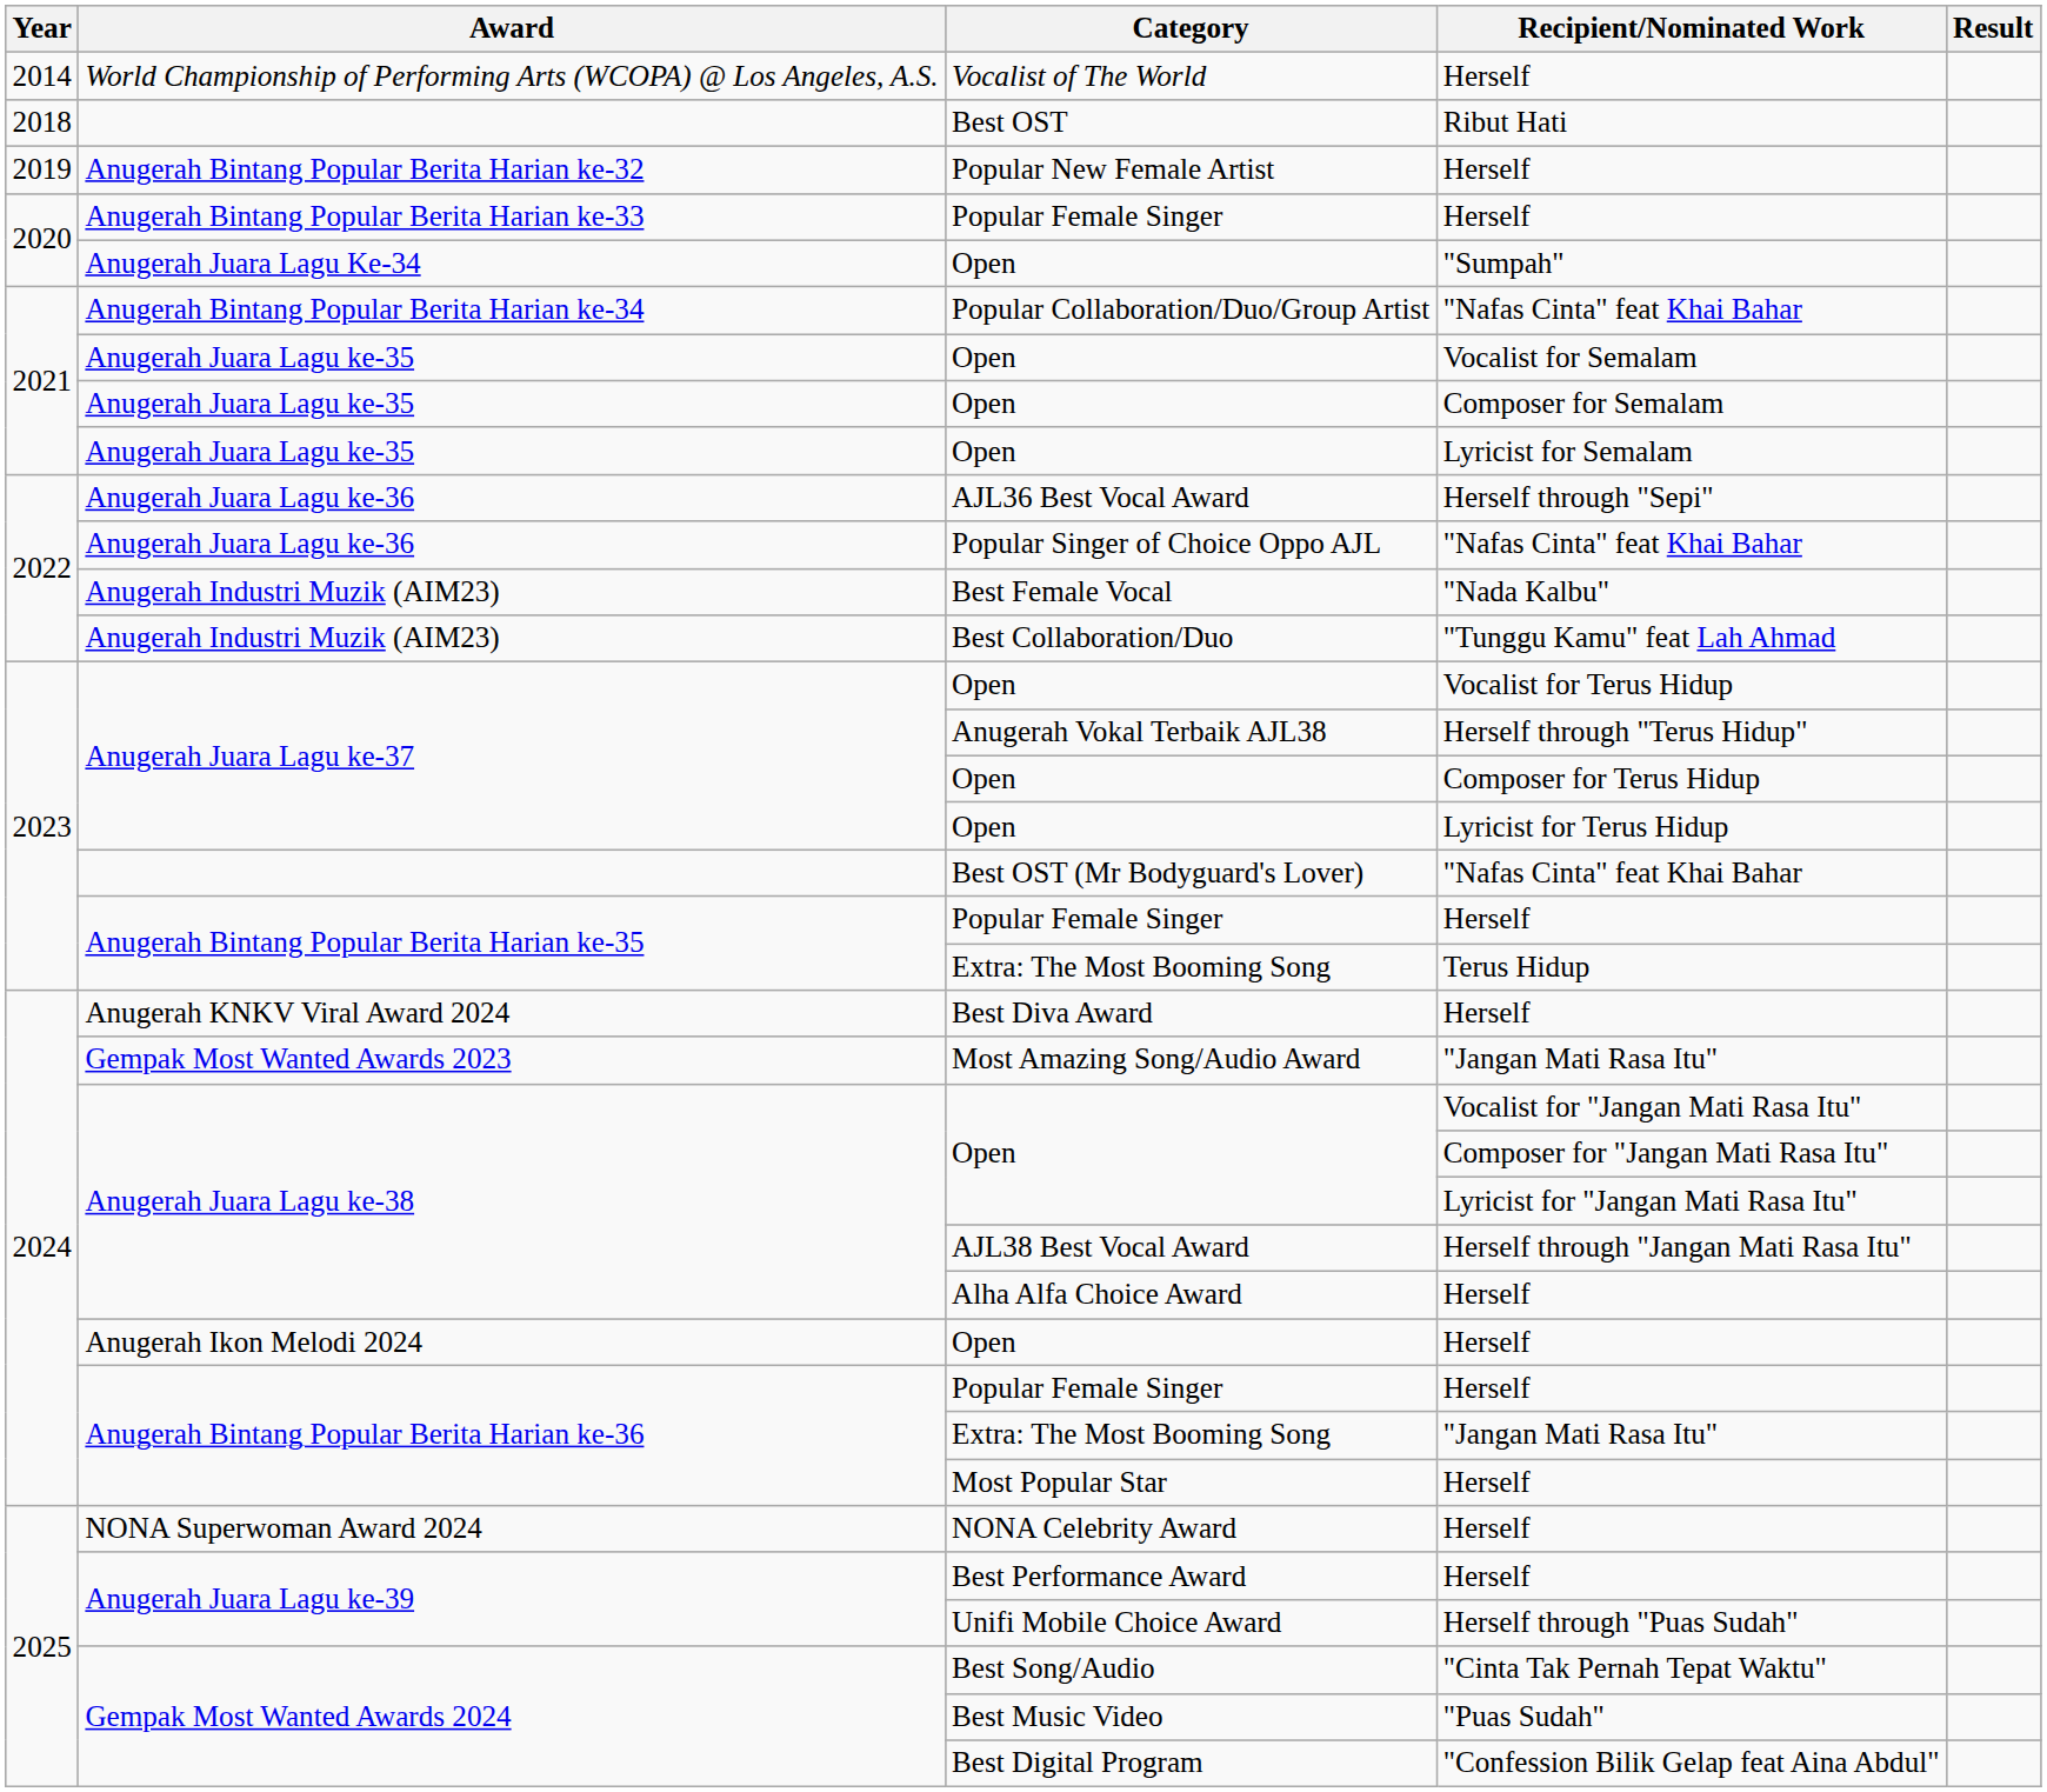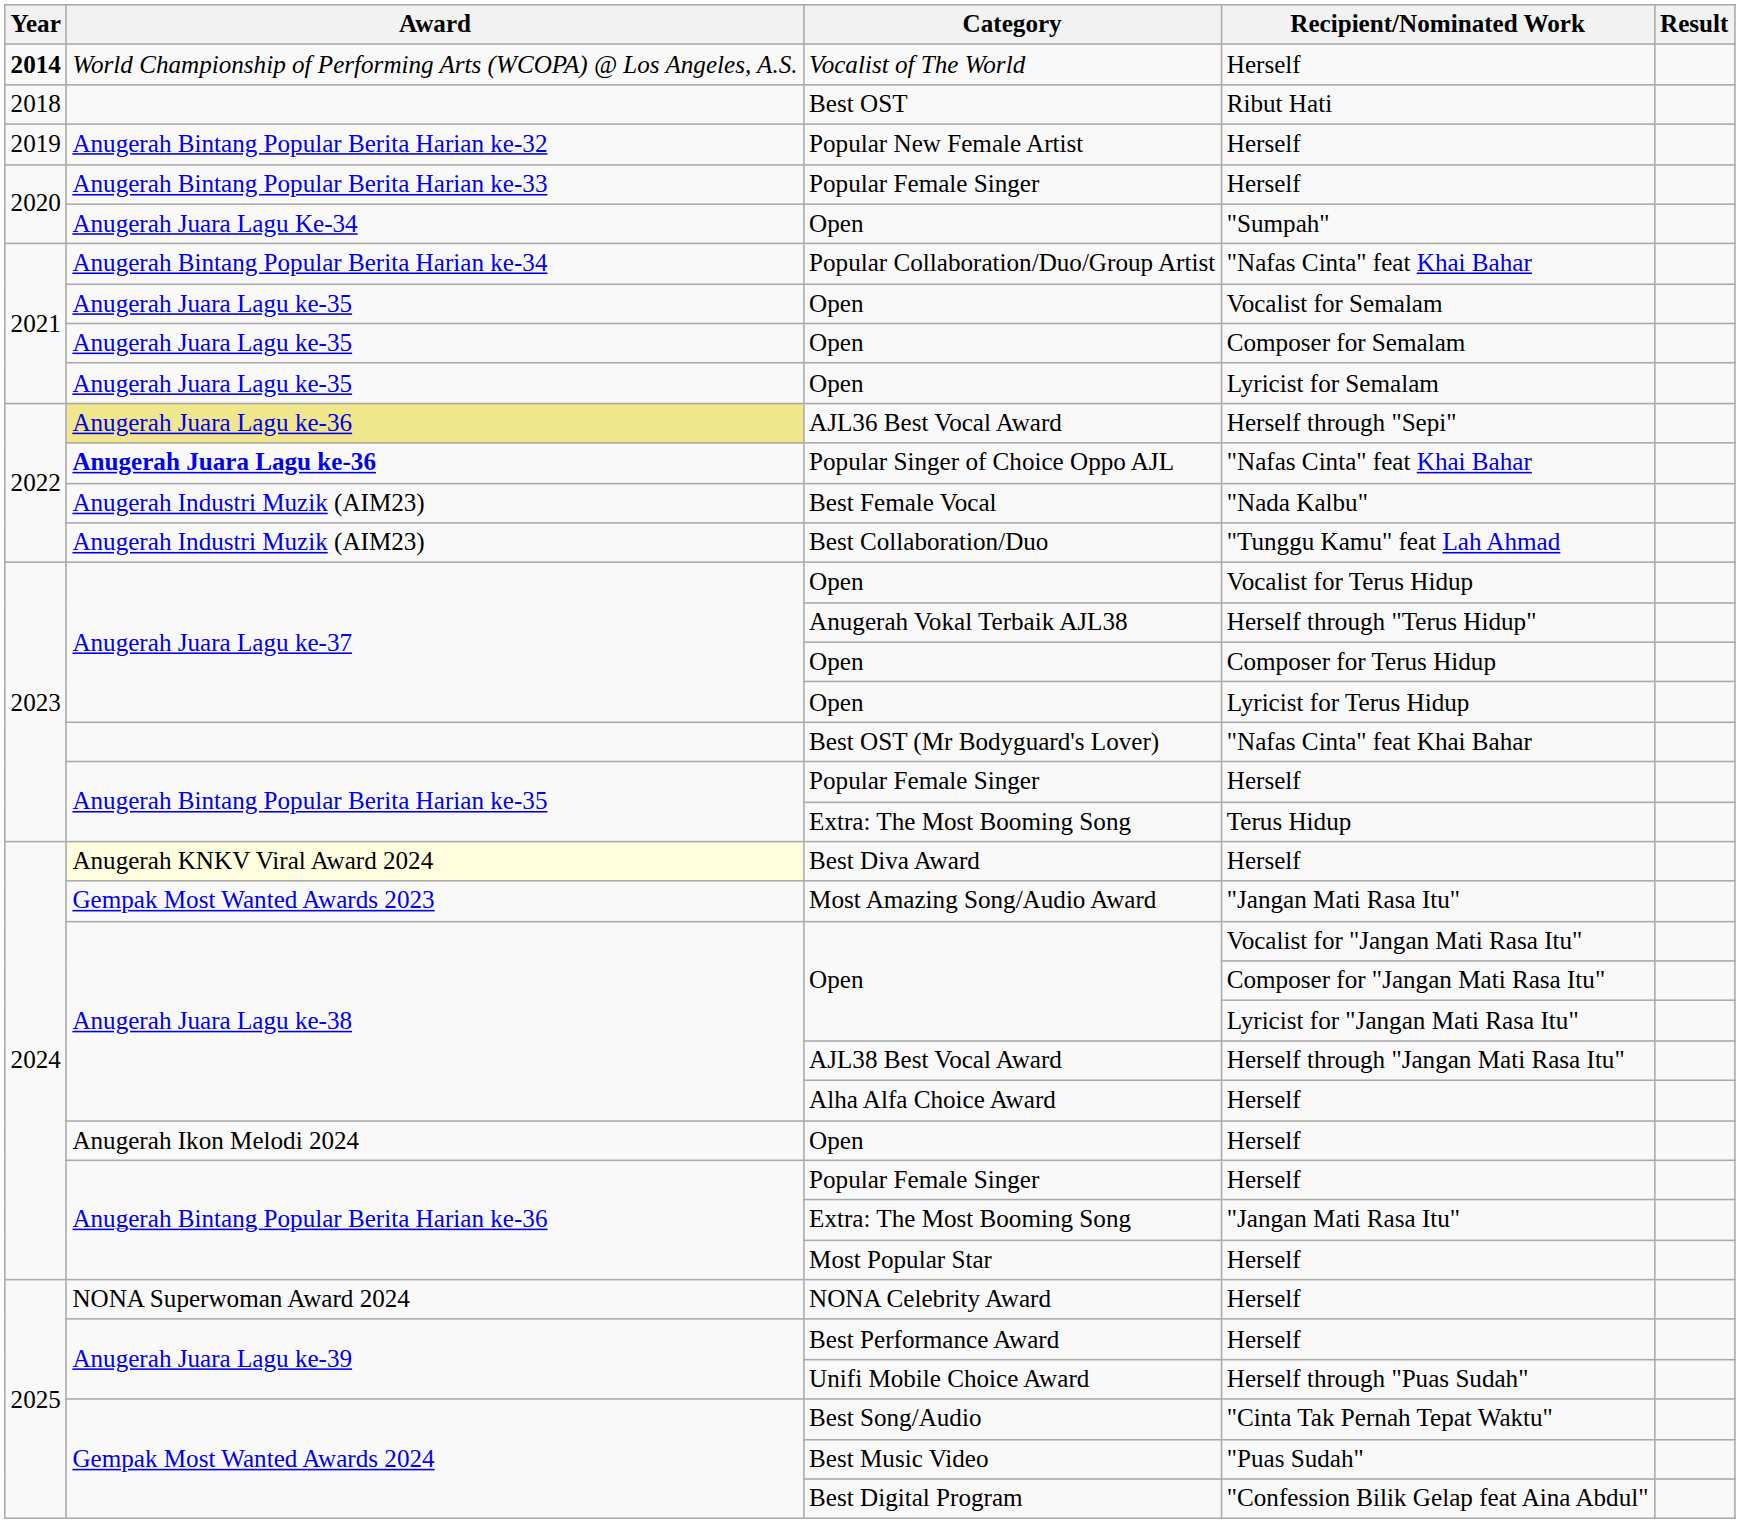 <table class="wikitable">
 <tr>
 <th>Year</th>
 <th>Award</th>
 <th>Category</th>
 <th>Recipient/Nominated Work</th>
 <th>Result</th>
 </tr>
 <tr>
-<td rowspan="1">2014</td>
+<td rowspan="1"><strong>2014</strong></td>
 <td><em>World Championship of Performing Arts (WCOPA) @ Los Angeles, A.S.</em></td>
 <td><em>Vocalist of The World</em></td>
 <td>Herself</td>
 <td></td>
 </tr>
 <tr>
 <td>2018</td>
 <td></td>
 <td>Best OST</td>
 <td>Ribut Hati</td>
 <td></td>
 </tr>
 <tr>
 <td>2019</td>
 <td><a href='#'>Anugerah Bintang Popular Berita Harian ke-32</a></td>
 <td>Popular New Female Artist</td>
 <td>Herself</td>
 <td></td>
 </tr>
 <tr>
 <td rowspan="2">2020</td>
 <td><a href='#'>Anugerah Bintang Popular Berita Harian ke-33</a></td>
 <td>Popular Female Singer</td>
 <td>Herself</td>
 <td></td>
 </tr>
 <tr>
 <td><a href='#'>Anugerah Juara Lagu Ke-34</a></td>
 <td rowspan="1">Open</td>
 <td>"Sumpah"</td>
 <td></td>
 </tr>
 <tr>
 <td rowspan="4">2021</td>
 <td><a href='#'>Anugerah Bintang Popular Berita Harian ke-34</a></td>
 <td>Popular Collaboration/Duo/Group Artist</td>
 <td>"Nafas Cinta" feat <a href='#'>Khai Bahar</a></td>
 <td></td>
 </tr>
 <tr>
 <td><a href='#'>Anugerah Juara Lagu ke-35</a></td>
 <td rowspan="1">Open</td>
 <td>Vocalist for Semalam</td>
 <td></td>
 </tr>
 <tr>
 <td><a href='#'>Anugerah Juara Lagu ke-35</a></td>
 <td>Open</td>
 <td>Composer for Semalam</td>
 <td></td>
 </tr>
 <tr>
 <td><a href='#'>Anugerah Juara Lagu ke-35</a></td>
 <td>Open</td>
 <td>Lyricist for Semalam</td>
 <td></td>
 </tr>
 <tr>
 <td rowspan="4">2022</td>
-<td><a href='#'>Anugerah Juara Lagu ke-36</a></td>
+<td style="background: khaki;"><a href='#'>Anugerah Juara Lagu ke-36</a></td>
 <td>AJL36 Best Vocal Award</td>
 <td>Herself through "Sepi"</td>
 <td></td>
 </tr>
 <tr>
-<td><a href='#'>Anugerah Juara Lagu ke-36</a></td>
+<td><strong><a href='#'>Anugerah Juara Lagu ke-36</a></strong></td>
 <td>Popular Singer of Choice Oppo AJL</td>
 <td>"Nafas Cinta" feat <a href='#'>Khai Bahar</a></td>
 <td></td>
 </tr>
 <tr>
 <td><a href='#'>Anugerah Industri Muzik</a> (AIM23)</td>
 <td>Best Female Vocal</td>
 <td>"Nada Kalbu"</td>
 <td></td>
 </tr>
 <tr>
 <td><a href='#'>Anugerah Industri Muzik</a> (AIM23)</td>
 <td>Best Collaboration/Duo</td>
 <td>"Tunggu Kamu" feat <a href='#'>Lah Ahmad</a></td>
 <td></td>
 </tr>
 <tr>
 <td rowspan="7">2023</td>
 <td rowspan="4"><a href='#'>Anugerah Juara Lagu ke-37</a></td>
 <td>Open</td>
 <td>Vocalist for Terus Hidup</td>
 <td></td>
 </tr>
 <tr>
 <td>Anugerah Vokal Terbaik AJL38</td>
 <td>Herself through "Terus Hidup"</td>
 <td></td>
 </tr>
 <tr>
 <td>Open</td>
 <td>Composer for Terus Hidup</td>
 <td></td>
 </tr>
 <tr>
 <td>Open</td>
 <td>Lyricist for Terus Hidup</td>
 <td></td>
 </tr>
 <tr>
 <td></td>
 <td>Best OST (Mr Bodyguard's Lover)</td>
 <td>"Nafas Cinta" feat Khai Bahar</td>
 <td></td>
 </tr>
 <tr>
 <td rowspan="2"><a href='#'>Anugerah Bintang Popular Berita Harian ke-35</a></td>
 <td>Popular Female Singer</td>
 <td>Herself</td>
 <td></td>
 </tr>
 <tr>
 <td>Extra: The Most Booming Song</td>
 <td>Terus Hidup</td>
 <td></td>
 </tr>
 <tr>
 <td rowspan="11">2024</td>
-<td>Anugerah KNKV Viral Award 2024</td>
+<td style="background: lightyellow;">Anugerah KNKV Viral Award 2024</td>
 <td>Best Diva Award</td>
 <td>Herself</td>
 <td></td>
 </tr>
 <tr>
 <td><a href='#'>Gempak Most Wanted Awards 2023</a></td>
 <td>Most Amazing Song/Audio Award</td>
 <td>"Jangan Mati Rasa Itu"</td>
 <td></td>
 </tr>
 <tr>
 <td rowspan="5"><a href='#'>Anugerah Juara Lagu ke-38</a></td>
 <td rowspan="3">Open</td>
 <td>Vocalist for "Jangan Mati Rasa Itu"</td>
 <td></td>
 </tr>
 <tr>
 <td>Composer for "Jangan Mati Rasa Itu"</td>
 <td></td>
 </tr>
 <tr>
 <td>Lyricist for "Jangan Mati Rasa Itu"</td>
 <td></td>
 </tr>
 <tr>
 <td>AJL38 Best Vocal Award</td>
 <td>Herself through "Jangan Mati Rasa Itu"</td>
 <td></td>
 </tr>
 <tr>
 <td>Alha Alfa Choice Award</td>
 <td>Herself</td>
 <td></td>
 </tr>
 <tr>
 <td>Anugerah Ikon Melodi 2024</td>
 <td>Open</td>
 <td>Herself</td>
 <td></td>
 </tr>
 <tr>
 <td rowspan="3"><a href='#'>Anugerah Bintang Popular Berita Harian ke-36</a></td>
 <td>Popular Female Singer</td>
 <td>Herself</td>
 <td></td>
 </tr>
 <tr>
 <td>Extra: The Most Booming Song</td>
 <td>"Jangan Mati Rasa Itu"</td>
 <td></td>
 </tr>
 <tr>
 <td>Most Popular Star</td>
 <td>Herself</td>
 <td></td>
 </tr>
 <tr>
 <td rowspan="6">2025</td>
 <td>NONA Superwoman Award 2024</td>
 <td>NONA Celebrity Award</td>
 <td>Herself</td>
 <td></td>
 </tr>
 <tr>
 <td rowspan="2"><a href='#'>Anugerah Juara Lagu ke-39</a></td>
 <td>Best Performance Award</td>
 <td>Herself</td>
 <td></td>
 </tr>
 <tr>
 <td>Unifi Mobile Choice Award</td>
 <td>Herself through "Puas Sudah"</td>
 <td></td>
 </tr>
 <tr>
 <td rowspan="3"><a href='#'>Gempak Most Wanted Awards 2024</a></td>
 <td>Best Song/Audio</td>
 <td>"Cinta Tak Pernah Tepat Waktu"</td>
 <td></td>
 </tr>
 <tr>
 <td>Best Music Video</td>
 <td>"Puas Sudah"</td>
 <td></td>
 </tr>
 <tr>
 <td>Best Digital Program</td>
 <td>"Confession Bilik Gelap feat Aina Abdul"</td>
 <td></td>
 </tr>
 </table>
